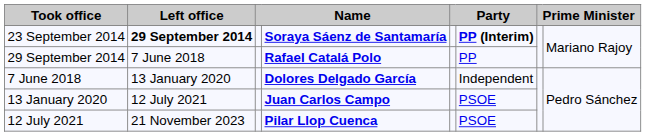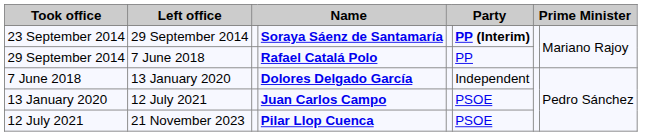 <table bgcolor="#f7f8ff" cellpadding="3" cellspacing="0" border="1" style="font-size: 95%; border: gray solid 1px; border-collapse: collapse;">
 <tr bgcolor="#CCCCCC">
 <th align="center">Took office</th>
 <th align="center">Left office</th>
 <th colspan="2">Name</th>
 <th colspan="2">Party</th>
 <th colspan="2">Prime Minister</th>
 </tr>
 <tr>
 <td>23 September 2014</td>
-<td><strong>29 September 2014</strong></td>
+<td>29 September 2014</td>
 <td></td>
 <td><strong><a href='#'>Soraya Sáenz de Santamaría</a></strong></td>
 <td style="background-color: "></td>
 <td><strong><a href='#'>PP</a> (Interim)</strong></td>
 <td rowspan="2" style="background-color: "></td>
 <td rowspan="2">Mariano Rajoy</td>
 </tr>
 <tr>
 <td>29 September 2014</td>
 <td>7 June 2018</td>
 <td></td>
 <td><strong><a href='#'>Rafael Catalá Polo</a></strong></td>
 <td style="background-color: "></td>
 <td><a href='#'>PP</a></td>
 </tr>
 <tr>
 <td>7 June 2018</td>
 <td>13 January 2020</td>
 <td></td>
 <td><strong><a href='#'>Dolores Delgado García</a></strong></td>
 <td style="background-color: "></td>
 <td>Independent</td>
 <td rowspan="4" style="background-color: "></td>
 <td rowspan="4">Pedro Sánchez</td>
 </tr>
 <tr>
 <td>13 January 2020</td>
 <td>12 July 2021</td>
 <td></td>
 <td><strong><a href='#'>Juan Carlos Campo</a></strong></td>
 <td style="background-color: "></td>
 <td><a href='#'>PSOE</a></td>
 </tr>
 <tr>
 <td>12 July 2021</td>
 <td>21 November 2023</td>
 <td></td>
 <td><a href='#'><strong>Pilar Llop Cuenca</strong></a></td>
 <td style="background-color: "></td>
 <td><a href='#'>PSOE</a></td>
 </tr>
 </table>
